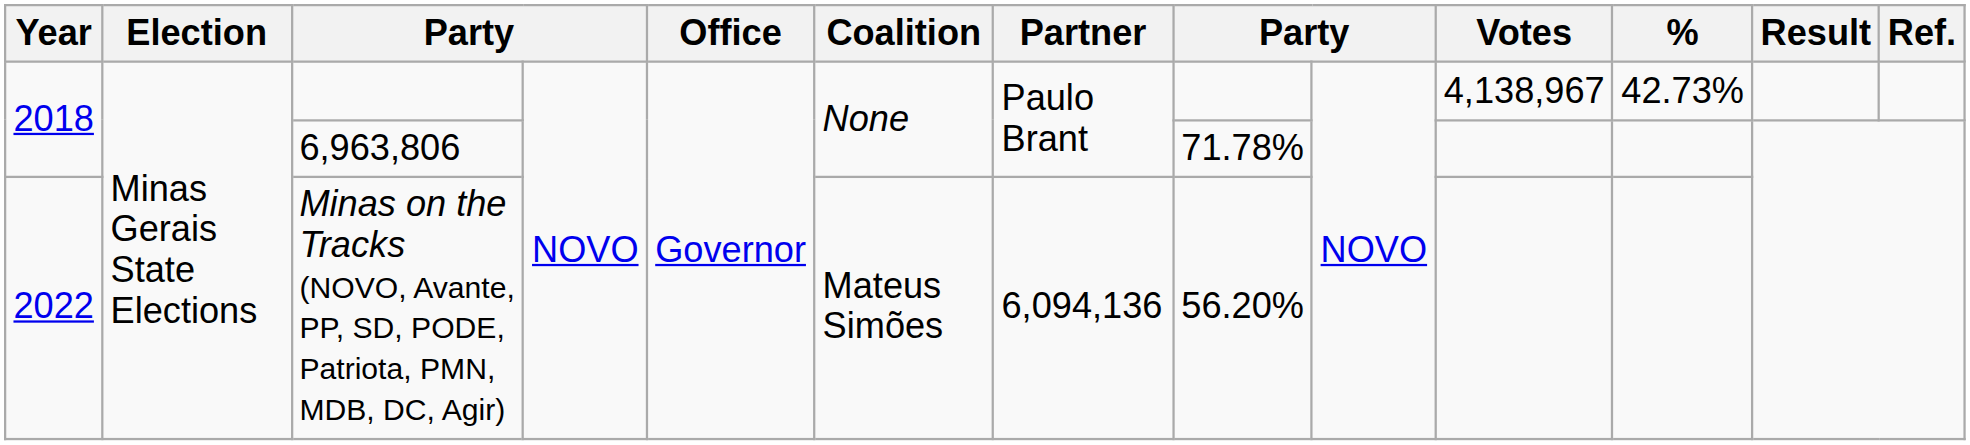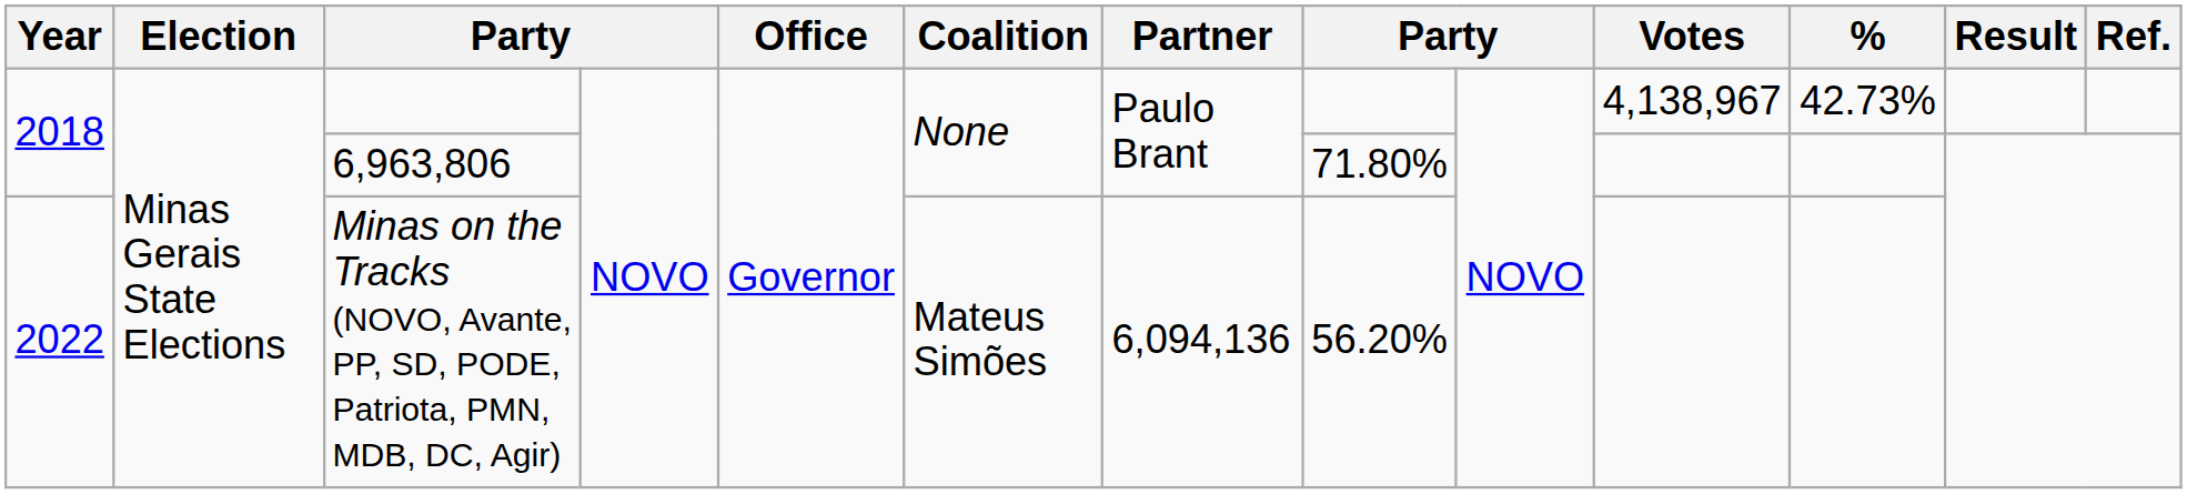 <table class="wikitable">
 <tr>
 <th>Year</th>
 <th>Election</th>
 <th colspan="2">Party</th>
 <th>Office</th>
 <th>Coalition</th>
 <th>Partner</th>
 <th colspan="2">Party</th>
 <th>Votes</th>
 <th>%</th>
 <th>Result</th>
 <th>Ref.</th>
 </tr>
 <tr>
 <td rowspan="2"><a href='#'>2018</a></td>
 <td rowspan="3">Minas Gerais State Elections</td>
 <td style="background-color:"></td>
 <td rowspan="3"><a href='#'>NOVO</a></td>
 <td rowspan="3"><a href='#'>Governor</a></td>
 <td rowspan="2"><em>None</em></td>
 <td rowspan="2">Paulo Brant</td>
 <td style="background-color:"></td>
 <td rowspan="3"><a href='#'>NOVO</a></td>
 <td>4,138,967</td>
 <td>42.73%</td>
 <td></td>
 <td></td>
 </tr>
 <tr>
 <td>6,963,806</td>
-<td>71.78%</td>
+<td>71.80%</td>
 <td></td>
 <td></td>
 </tr>
 <tr>
 <td><a href='#'>2022</a></td>
 <td><em>Minas on the Tracks</em><br><small>(NOVO, Avante, PP, SD, PODE, Patriota, PMN, MDB, DC, Agir)</small></td>
 <td>Mateus Simões</td>
 <td>6,094,136</td>
 <td>56.20%</td>
 <td></td>
 <td></td>
 </tr>
 </table>
